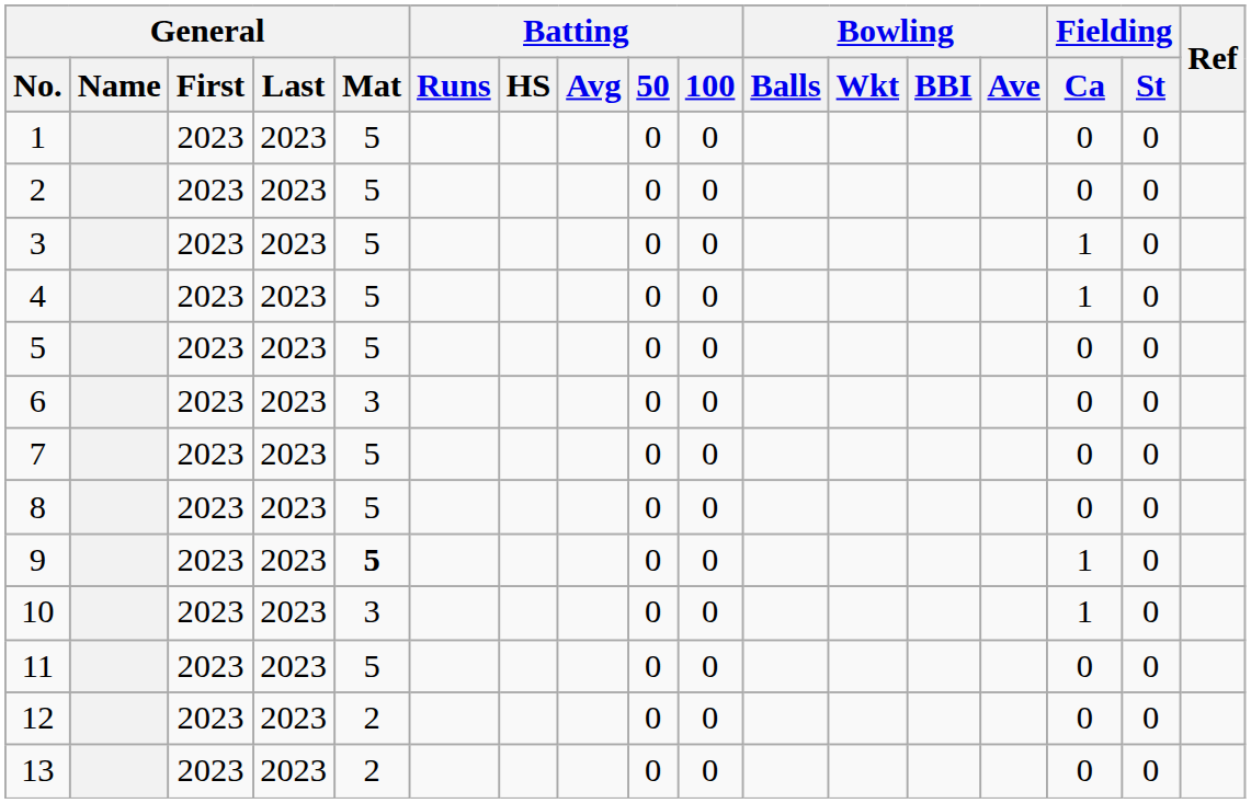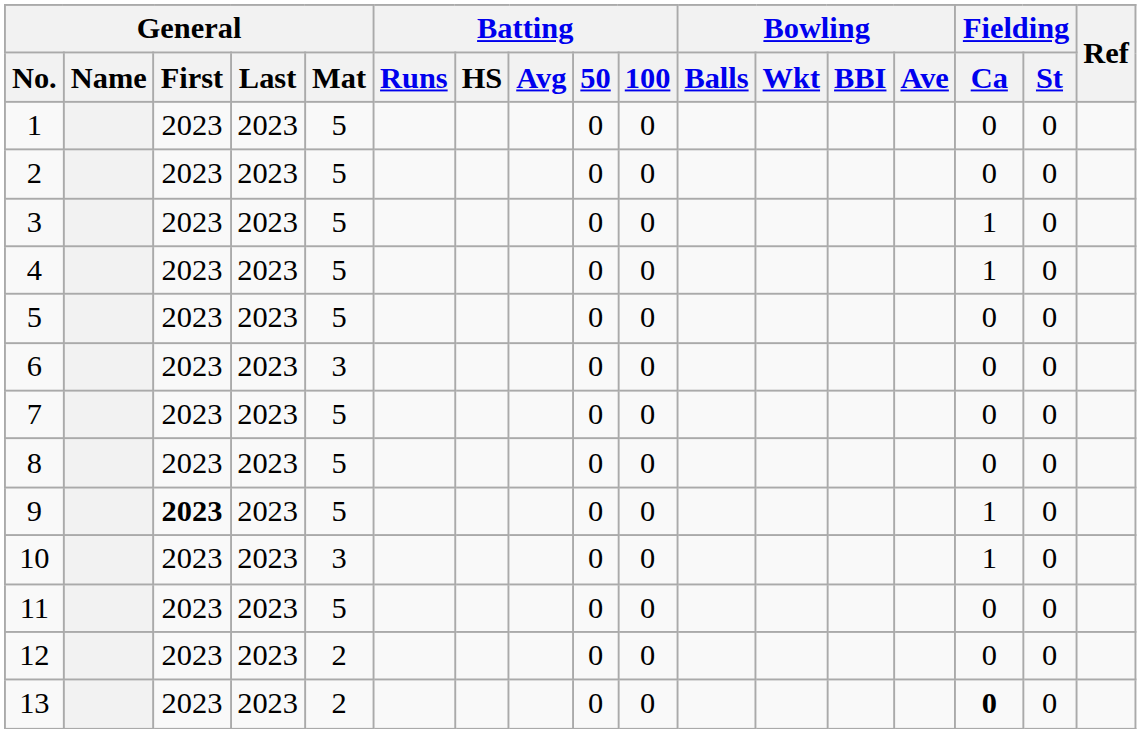 <table class="wikitable plainrowheaders sortable">
 <tr align="center">
 <th scope="col" colspan=5 class="unsortable">General</th>
 <th scope="col" colspan=5 class="unsortable"><a href='#'>Batting</a></th>
 <th scope="col" colspan=4 class="unsortable"><a href='#'>Bowling</a></th>
 <th scope="col" colspan=2 class="unsortable"><a href='#'>Fielding</a></th>
 <th scope="col" rowspan=2 class="unsortable">Ref</th>
 </tr>
 <tr align="center">
 <th scope="col">No.</th>
 <th scope="col">Name</th>
 <th scope="col">First</th>
 <th scope="col">Last</th>
 <th scope="col">Mat</th>
 <th scope="col"><a href='#'>Runs</a></th>
 <th scope="col">HS</th>
 <th scope="col"><a href='#'>Avg</a></th>
 <th scope="col"><a href='#'>50</a></th>
 <th scope="col"><a href='#'>100</a></th>
 <th scope="col"><a href='#'>Balls</a></th>
 <th scope="col"><a href='#'>Wkt</a></th>
 <th scope="col"><a href='#'>BBI</a></th>
 <th scope="col"><a href='#'>Ave</a></th>
 <th scope="col"><a href='#'>Ca</a></th>
 <th scope="col"><a href='#'>St</a></th>
 </tr>
 <tr align="center">
 <td>1</td>
 <th scope="row"></th>
 <td>2023</td>
 <td>2023</td>
 <td>5</td>
 <td></td>
 <td></td>
 <td></td>
 <td>0</td>
 <td>0</td>
 <td></td>
 <td></td>
 <td></td>
 <td></td>
 <td>0</td>
 <td>0</td>
 <td></td>
 </tr>
 <tr align="center">
 <td>2</td>
 <th scope="row"></th>
 <td>2023</td>
 <td>2023</td>
 <td>5</td>
 <td></td>
 <td></td>
 <td></td>
 <td>0</td>
 <td>0</td>
 <td></td>
 <td></td>
 <td></td>
 <td></td>
 <td>0</td>
 <td>0</td>
 <td></td>
 </tr>
 <tr align="center">
 <td>3</td>
 <th scope="row"></th>
 <td>2023</td>
 <td>2023</td>
 <td>5</td>
 <td></td>
 <td></td>
 <td></td>
 <td>0</td>
 <td>0</td>
 <td></td>
 <td></td>
 <td></td>
 <td></td>
 <td>1</td>
 <td>0</td>
 <td></td>
 </tr>
 <tr align="center">
 <td>4</td>
 <th scope="row"></th>
 <td>2023</td>
 <td>2023</td>
 <td>5</td>
 <td></td>
 <td></td>
 <td></td>
 <td>0</td>
 <td>0</td>
 <td></td>
 <td></td>
 <td></td>
 <td></td>
 <td>1</td>
 <td>0</td>
 <td></td>
 </tr>
 <tr align="center">
 <td>5</td>
 <th scope="row"></th>
 <td>2023</td>
 <td>2023</td>
 <td>5</td>
 <td></td>
 <td></td>
 <td></td>
 <td>0</td>
 <td>0</td>
 <td></td>
 <td></td>
 <td></td>
 <td></td>
 <td>0</td>
 <td>0</td>
 <td></td>
 </tr>
 <tr align="center">
 <td>6</td>
 <th scope="row"></th>
 <td>2023</td>
 <td>2023</td>
 <td>3</td>
 <td></td>
 <td></td>
 <td></td>
 <td>0</td>
 <td>0</td>
 <td></td>
 <td></td>
 <td></td>
 <td></td>
 <td>0</td>
 <td>0</td>
 <td></td>
 </tr>
 <tr align="center">
 <td>7</td>
 <th scope="row"></th>
 <td>2023</td>
 <td>2023</td>
 <td>5</td>
 <td></td>
 <td></td>
 <td></td>
 <td>0</td>
 <td>0</td>
 <td></td>
 <td></td>
 <td></td>
 <td></td>
 <td>0</td>
 <td>0</td>
 <td></td>
 </tr>
 <tr align="center">
 <td>8</td>
 <th scope="row"></th>
 <td>2023</td>
 <td>2023</td>
 <td>5</td>
 <td></td>
 <td></td>
 <td></td>
 <td>0</td>
 <td>0</td>
 <td></td>
 <td></td>
 <td></td>
 <td></td>
 <td>0</td>
 <td>0</td>
 <td></td>
 </tr>
 <tr align="center">
 <td>9</td>
 <th scope="row"></th>
+<td><strong>2023</strong></td>
 <td>2023</td>
-<td>2023</td>
-<td><strong>5</strong></td>
+<td>5</td>
 <td></td>
 <td></td>
 <td></td>
 <td>0</td>
 <td>0</td>
 <td></td>
 <td></td>
 <td></td>
 <td></td>
 <td>1</td>
 <td>0</td>
 <td></td>
 </tr>
 <tr align="center">
 <td>10</td>
 <th scope="row"></th>
 <td>2023</td>
 <td>2023</td>
 <td>3</td>
 <td></td>
 <td></td>
 <td></td>
 <td>0</td>
 <td>0</td>
 <td></td>
 <td></td>
 <td></td>
 <td></td>
 <td>1</td>
 <td>0</td>
 <td></td>
 </tr>
 <tr align="center">
 <td>11</td>
 <th scope="row"></th>
 <td>2023</td>
 <td>2023</td>
 <td>5</td>
 <td></td>
 <td></td>
 <td></td>
 <td>0</td>
 <td>0</td>
 <td></td>
 <td></td>
 <td></td>
 <td></td>
 <td>0</td>
 <td>0</td>
 <td></td>
 </tr>
 <tr align="center">
 <td>12</td>
 <th scope="row"></th>
 <td>2023</td>
 <td>2023</td>
 <td>2</td>
 <td></td>
 <td></td>
 <td></td>
 <td>0</td>
 <td>0</td>
 <td></td>
 <td></td>
 <td></td>
 <td></td>
 <td>0</td>
 <td>0</td>
 <td></td>
 </tr>
 <tr align="center">
 <td>13</td>
 <th scope="row"></th>
 <td>2023</td>
 <td>2023</td>
 <td>2</td>
 <td></td>
 <td></td>
 <td></td>
 <td>0</td>
 <td>0</td>
 <td></td>
 <td></td>
 <td></td>
 <td></td>
-<td>0</td>
+<td><strong>0</strong></td>
 <td>0</td>
 <td></td>
 </tr>
 </table>
